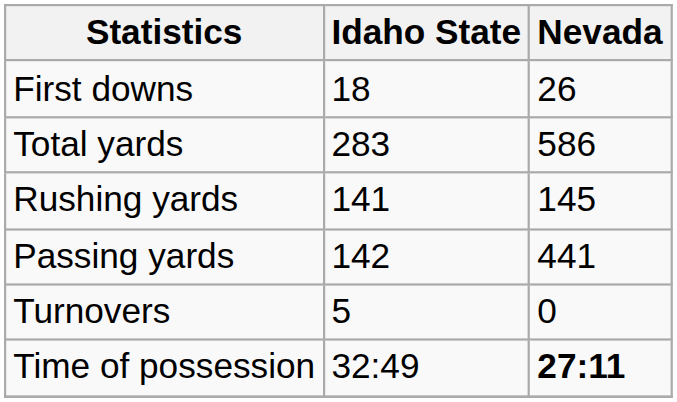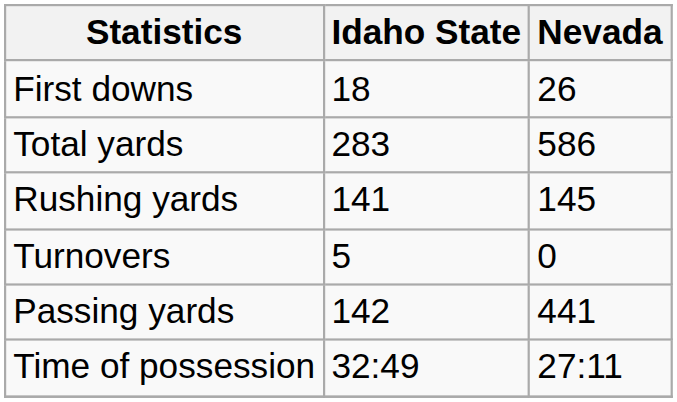 <table class="wikitable">
 <tr>
 <th>Statistics</th>
 <th>Idaho State</th>
 <th>Nevada</th>
 </tr>
 <tr>
 <td>First downs</td>
 <td>18</td>
 <td>26</td>
 </tr>
 <tr>
 <td>Total yards</td>
 <td>283</td>
 <td>586</td>
 </tr>
 <tr>
 <td>Rushing yards</td>
 <td>141</td>
 <td>145</td>
 </tr>
 <tr>
+<td>Turnovers</td>
+<td>5</td>
+<td>0</td>
+</tr>
+<tr>
 <td>Passing yards</td>
 <td>142</td>
 <td>441</td>
 </tr>
 <tr>
-<td>Turnovers</td>
-<td>5</td>
-<td>0</td>
-</tr>
-<tr>
 <td>Time of possession</td>
 <td>32:49</td>
-<td><strong>27:11</strong></td>
+<td>27:11</td>
 </tr>
 <tr>
 </tr>
 </table>
